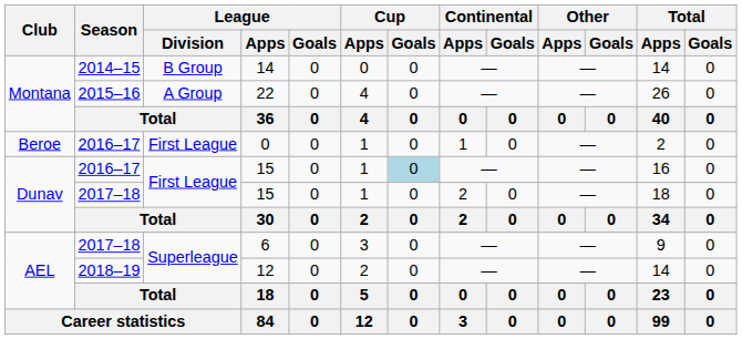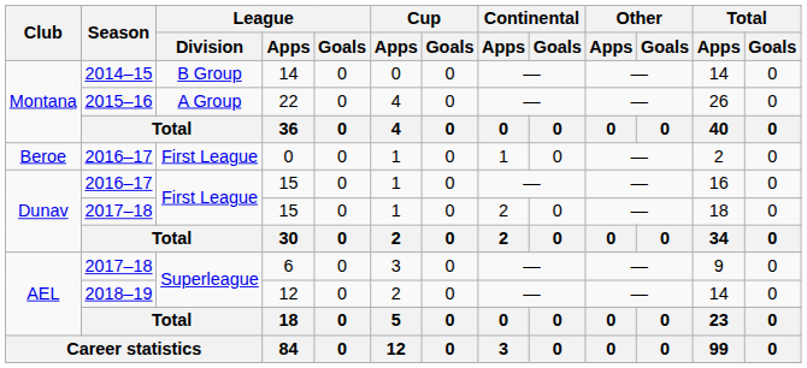 <table class="wikitable" style="text-align: center">
 <tr>
 <th rowspan="2">Club</th>
 <th rowspan="2">Season</th>
 <th colspan="3">League</th>
 <th colspan="2">Cup</th>
 <th colspan="2">Continental</th>
 <th colspan="2">Other</th>
 <th colspan="2">Total</th>
 </tr>
 <tr>
 <th>Division</th>
 <th>Apps</th>
 <th>Goals</th>
 <th>Apps</th>
 <th>Goals</th>
 <th>Apps</th>
 <th>Goals</th>
 <th>Apps</th>
 <th>Goals</th>
 <th>Apps</th>
 <th>Goals</th>
 </tr>
 <tr>
 <td rowspan="3"><a href='#'>Montana</a></td>
 <td><a href='#'>2014–15</a></td>
 <td><a href='#'>B Group</a></td>
 <td>14</td>
 <td>0</td>
 <td>0</td>
 <td>0</td>
 <td colspan="2">—</td>
 <td colspan="2">—</td>
 <td>14</td>
 <td>0</td>
 </tr>
 <tr>
 <td><a href='#'>2015–16</a></td>
 <td><a href='#'>A Group</a></td>
 <td>22</td>
 <td>0</td>
 <td>4</td>
 <td>0</td>
 <td colspan="2">—</td>
 <td colspan="2">—</td>
 <td>26</td>
 <td>0</td>
 </tr>
 <tr>
 <th colspan="2">Total</th>
 <th>36</th>
 <th>0</th>
 <th>4</th>
 <th>0</th>
 <th>0</th>
 <th>0</th>
 <th>0</th>
 <th>0</th>
 <th>40</th>
 <th>0</th>
 </tr>
 <tr>
 <td><a href='#'>Beroe</a></td>
 <td><a href='#'>2016–17</a></td>
 <td><a href='#'>First League</a></td>
 <td>0</td>
 <td>0</td>
 <td>1</td>
 <td>0</td>
 <td>1</td>
 <td>0</td>
 <td colspan="2">—</td>
 <td>2</td>
 <td>0</td>
 </tr>
 <tr>
 <td rowspan="3"><a href='#'>Dunav</a></td>
 <td><a href='#'>2016–17</a></td>
 <td rowspan="2"><a href='#'>First League</a></td>
 <td>15</td>
 <td>0</td>
 <td>1</td>
-<td style="background: lightblue;">0</td>
+<td>0</td>
 <td colspan="2">—</td>
 <td colspan="2">—</td>
 <td>16</td>
 <td>0</td>
 </tr>
 <tr>
 <td><a href='#'>2017–18</a></td>
 <td>15</td>
 <td>0</td>
 <td>1</td>
 <td>0</td>
 <td>2</td>
 <td>0</td>
 <td colspan="2">—</td>
 <td>18</td>
 <td>0</td>
 </tr>
 <tr>
 <th colspan="2">Total</th>
 <th>30</th>
 <th>0</th>
 <th>2</th>
 <th>0</th>
 <th>2</th>
 <th>0</th>
 <th>0</th>
 <th>0</th>
 <th>34</th>
 <th>0</th>
 </tr>
 <tr>
 <td rowspan="3"><a href='#'>AEL</a></td>
 <td><a href='#'>2017–18</a></td>
 <td rowspan="2"><a href='#'>Superleague</a></td>
 <td>6</td>
 <td>0</td>
 <td>3</td>
 <td>0</td>
 <td colspan="2">—</td>
 <td colspan="2">—</td>
 <td>9</td>
 <td>0</td>
 </tr>
 <tr>
 <td><a href='#'>2018–19</a></td>
 <td>12</td>
 <td>0</td>
 <td>2</td>
 <td>0</td>
 <td colspan="2">—</td>
 <td colspan="2">—</td>
 <td>14</td>
 <td>0</td>
 </tr>
 <tr>
 <th colspan="2">Total</th>
 <th>18</th>
 <th>0</th>
 <th>5</th>
 <th>0</th>
 <th>0</th>
 <th>0</th>
 <th>0</th>
 <th>0</th>
 <th>23</th>
 <th>0</th>
 </tr>
 <tr>
 <th colspan="3">Career statistics</th>
 <th>84</th>
 <th>0</th>
 <th>12</th>
 <th>0</th>
 <th>3</th>
 <th>0</th>
 <th>0</th>
 <th>0</th>
 <th>99</th>
 <th>0</th>
 </tr>
 </table>
